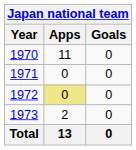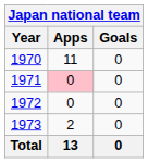 <table class="wikitable" style="text-align:center">
 <tr>
 <th colspan=3><a href='#'>Japan national team</a></th>
 </tr>
 <tr>
 <th>Year</th>
 <th>Apps</th>
 <th>Goals</th>
 </tr>
 <tr>
 <td><a href='#'>1970</a></td>
 <td>11</td>
 <td>0</td>
 </tr>
 <tr>
 <td><a href='#'>1971</a></td>
-<td>0</td>
+<td style="background: pink;">0</td>
 <td>0</td>
 </tr>
 <tr>
 <td><a href='#'>1972</a></td>
-<td style="background: khaki;">0</td>
+<td>0</td>
 <td>0</td>
 </tr>
 <tr>
 <td><a href='#'>1973</a></td>
 <td>2</td>
 <td>0</td>
 </tr>
 <tr>
 <th>Total</th>
 <th>13</th>
 <th>0</th>
 </tr>
 </table>
